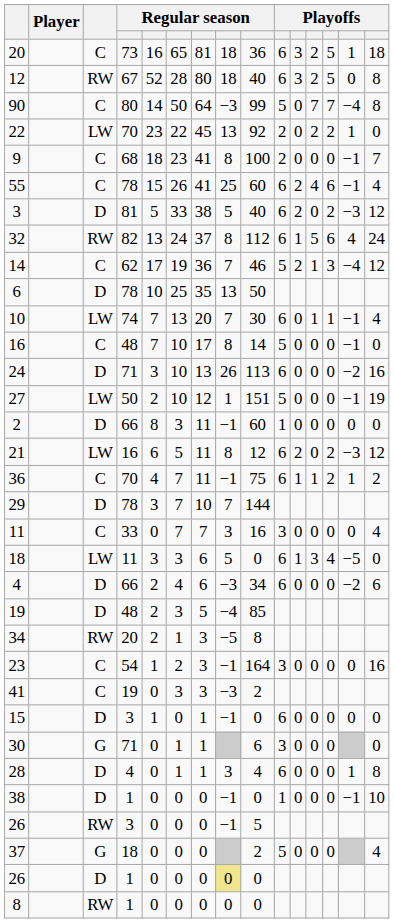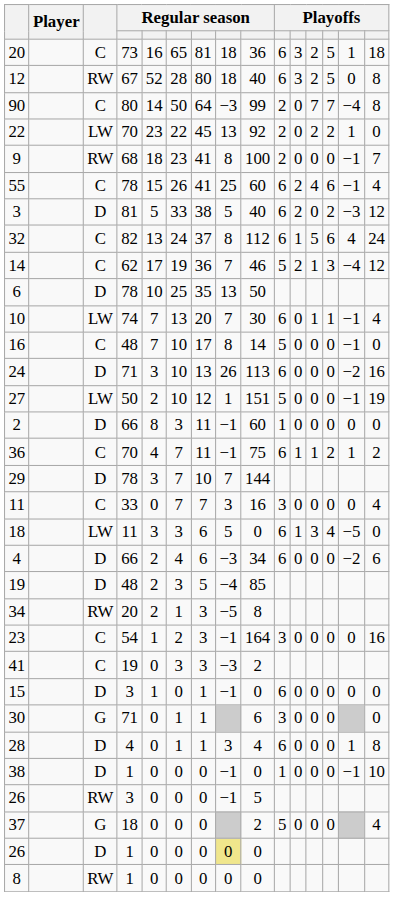 <table class="wikitable sortable plainrowheaders" style="text-align:center;">
 <tr>
 <th scope="col" data-sort-type="number" rowspan="2"></th>
 <th scope="col" rowspan="2">Player</th>
 <th scope="col" rowspan="2"></th>
 <th scope=colgroup colspan=6>Regular season</th>
 <th scope=colgroup colspan=6>Playoffs</th>
 </tr>
 <tr>
 <th scope="col" data-sort-type="number"></th>
 <th scope="col" data-sort-type="number"></th>
 <th scope="col" data-sort-type="number"></th>
 <th scope="col" data-sort-type="number"></th>
 <th scope="col" data-sort-type="number"></th>
 <th scope="col" data-sort-type="number"></th>
 <th scope="col" data-sort-type="number"></th>
 <th scope="col" data-sort-type="number"></th>
 <th scope="col" data-sort-type="number"></th>
 <th scope="col" data-sort-type="number"></th>
 <th scope="col" data-sort-type="number"></th>
 <th scope="col" data-sort-type="number"></th>
 </tr>
 <tr>
 <td scope="row">20</td>
 <td align="left"></td>
 <td>C</td>
 <td>73</td>
 <td>16</td>
 <td>65</td>
 <td>81</td>
 <td>18</td>
 <td>36</td>
 <td>6</td>
 <td>3</td>
 <td>2</td>
 <td>5</td>
 <td>1</td>
 <td>18</td>
 </tr>
 <tr>
 <td scope="row">12</td>
 <td align="left"></td>
 <td>RW</td>
 <td>67</td>
 <td>52</td>
 <td>28</td>
 <td>80</td>
 <td>18</td>
 <td>40</td>
 <td>6</td>
 <td>3</td>
 <td>2</td>
 <td>5</td>
 <td>0</td>
 <td>8</td>
 </tr>
 <tr>
 <td scope="row">90</td>
 <td align="left"></td>
 <td>C</td>
 <td>80</td>
 <td>14</td>
 <td>50</td>
 <td>64</td>
 <td>−3</td>
 <td>99</td>
-<td>5</td>
+<td>2</td>
 <td>0</td>
 <td>7</td>
 <td>7</td>
 <td>−4</td>
 <td>8</td>
 </tr>
 <tr>
 <td scope="row">22</td>
 <td align="left"></td>
 <td>LW</td>
 <td>70</td>
 <td>23</td>
 <td>22</td>
 <td>45</td>
 <td>13</td>
 <td>92</td>
 <td>2</td>
 <td>0</td>
 <td>2</td>
 <td>2</td>
 <td>1</td>
 <td>0</td>
 </tr>
 <tr>
 <td scope="row">9</td>
 <td align="left"></td>
-<td>C</td>
+<td>RW</td>
 <td>68</td>
 <td>18</td>
 <td>23</td>
 <td>41</td>
 <td>8</td>
 <td>100</td>
 <td>2</td>
 <td>0</td>
 <td>0</td>
 <td>0</td>
 <td>−1</td>
 <td>7</td>
 </tr>
 <tr>
 <td scope="row">55</td>
 <td align="left"></td>
 <td>C</td>
 <td>78</td>
 <td>15</td>
 <td>26</td>
 <td>41</td>
 <td>25</td>
 <td>60</td>
 <td>6</td>
 <td>2</td>
 <td>4</td>
 <td>6</td>
 <td>−1</td>
 <td>4</td>
 </tr>
 <tr>
 <td scope="row">3</td>
 <td align="left"></td>
 <td>D</td>
 <td>81</td>
 <td>5</td>
 <td>33</td>
 <td>38</td>
 <td>5</td>
 <td>40</td>
 <td>6</td>
 <td>2</td>
 <td>0</td>
 <td>2</td>
 <td>−3</td>
 <td>12</td>
 </tr>
 <tr>
 <td scope="row">32</td>
 <td align="left"></td>
-<td>RW</td>
+<td>C</td>
 <td>82</td>
 <td>13</td>
 <td>24</td>
 <td>37</td>
 <td>8</td>
 <td>112</td>
 <td>6</td>
 <td>1</td>
 <td>5</td>
 <td>6</td>
 <td>4</td>
 <td>24</td>
 </tr>
 <tr>
 <td scope="row">14</td>
 <td align="left"></td>
 <td>C</td>
 <td>62</td>
 <td>17</td>
 <td>19</td>
 <td>36</td>
 <td>7</td>
 <td>46</td>
 <td>5</td>
 <td>2</td>
 <td>1</td>
 <td>3</td>
 <td>−4</td>
 <td>12</td>
 </tr>
 <tr>
 <td scope="row">6</td>
 <td align="left"></td>
 <td>D</td>
 <td>78</td>
 <td>10</td>
 <td>25</td>
 <td>35</td>
 <td>13</td>
 <td>50</td>
 <td></td>
 <td></td>
 <td></td>
 <td></td>
 <td></td>
 <td></td>
 </tr>
 <tr>
 <td scope="row">10</td>
 <td align="left"></td>
 <td>LW</td>
 <td>74</td>
 <td>7</td>
 <td>13</td>
 <td>20</td>
 <td>7</td>
 <td>30</td>
 <td>6</td>
 <td>0</td>
 <td>1</td>
 <td>1</td>
 <td>−1</td>
 <td>4</td>
 </tr>
 <tr>
 <td scope="row">16</td>
 <td align="left"></td>
 <td>C</td>
 <td>48</td>
 <td>7</td>
 <td>10</td>
 <td>17</td>
 <td>8</td>
 <td>14</td>
 <td>5</td>
 <td>0</td>
 <td>0</td>
 <td>0</td>
 <td>−1</td>
 <td>0</td>
 </tr>
 <tr>
 <td scope="row">24</td>
 <td align="left"></td>
 <td>D</td>
 <td>71</td>
 <td>3</td>
 <td>10</td>
 <td>13</td>
 <td>26</td>
 <td>113</td>
 <td>6</td>
 <td>0</td>
 <td>0</td>
 <td>0</td>
 <td>−2</td>
 <td>16</td>
 </tr>
 <tr>
 <td scope="row">27</td>
 <td align="left"></td>
 <td>LW</td>
 <td>50</td>
 <td>2</td>
 <td>10</td>
 <td>12</td>
 <td>1</td>
 <td>151</td>
 <td>5</td>
 <td>0</td>
 <td>0</td>
 <td>0</td>
 <td>−1</td>
 <td>19</td>
 </tr>
 <tr>
 <td scope="row">2</td>
 <td align="left"></td>
 <td>D</td>
 <td>66</td>
 <td>8</td>
 <td>3</td>
 <td>11</td>
 <td>−1</td>
 <td>60</td>
 <td>1</td>
 <td>0</td>
 <td>0</td>
 <td>0</td>
 <td>0</td>
 <td>0</td>
-</tr>
-<tr>
-<td scope="row">21</td>
-<td align="left"></td>
-<td>LW</td>
-<td>16</td>
-<td>6</td>
-<td>5</td>
-<td>11</td>
-<td>8</td>
-<td>12</td>
-<td>6</td>
-<td>2</td>
-<td>0</td>
-<td>2</td>
-<td>−3</td>
-<td>12</td>
 </tr>
 <tr>
 <td scope="row">36</td>
 <td align="left"></td>
 <td>C</td>
 <td>70</td>
 <td>4</td>
 <td>7</td>
 <td>11</td>
 <td>−1</td>
 <td>75</td>
 <td>6</td>
 <td>1</td>
 <td>1</td>
 <td>2</td>
 <td>1</td>
 <td>2</td>
 </tr>
 <tr>
 <td scope="row">29</td>
 <td align="left"></td>
 <td>D</td>
 <td>78</td>
 <td>3</td>
 <td>7</td>
 <td>10</td>
 <td>7</td>
 <td>144</td>
 <td></td>
 <td></td>
 <td></td>
 <td></td>
 <td></td>
 <td></td>
 </tr>
 <tr>
 <td scope="row">11</td>
 <td align="left"></td>
 <td>C</td>
 <td>33</td>
 <td>0</td>
 <td>7</td>
 <td>7</td>
 <td>3</td>
 <td>16</td>
 <td>3</td>
 <td>0</td>
 <td>0</td>
 <td>0</td>
 <td>0</td>
 <td>4</td>
 </tr>
 <tr>
 <td scope="row">18</td>
 <td align="left"></td>
 <td>LW</td>
 <td>11</td>
 <td>3</td>
 <td>3</td>
 <td>6</td>
 <td>5</td>
 <td>0</td>
 <td>6</td>
 <td>1</td>
 <td>3</td>
 <td>4</td>
 <td>−5</td>
 <td>0</td>
 </tr>
 <tr>
 <td scope="row">4</td>
 <td align="left"></td>
 <td>D</td>
 <td>66</td>
 <td>2</td>
 <td>4</td>
 <td>6</td>
 <td>−3</td>
 <td>34</td>
 <td>6</td>
 <td>0</td>
 <td>0</td>
 <td>0</td>
 <td>−2</td>
 <td>6</td>
 </tr>
 <tr>
 <td scope="row">19</td>
 <td align="left"></td>
 <td>D</td>
 <td>48</td>
 <td>2</td>
 <td>3</td>
 <td>5</td>
 <td>−4</td>
 <td>85</td>
 <td></td>
 <td></td>
 <td></td>
 <td></td>
 <td></td>
 <td></td>
 </tr>
 <tr>
 <td scope="row">34</td>
 <td align="left"></td>
 <td>RW</td>
 <td>20</td>
 <td>2</td>
 <td>1</td>
 <td>3</td>
 <td>−5</td>
 <td>8</td>
 <td></td>
 <td></td>
 <td></td>
 <td></td>
 <td></td>
 <td></td>
 </tr>
 <tr>
 <td scope="row">23</td>
 <td align="left"></td>
 <td>C</td>
 <td>54</td>
 <td>1</td>
 <td>2</td>
 <td>3</td>
 <td>−1</td>
 <td>164</td>
 <td>3</td>
 <td>0</td>
 <td>0</td>
 <td>0</td>
 <td>0</td>
 <td>16</td>
 </tr>
 <tr>
 <td scope="row">41</td>
 <td align="left"></td>
 <td>C</td>
 <td>19</td>
 <td>0</td>
 <td>3</td>
 <td>3</td>
 <td>−3</td>
 <td>2</td>
 <td></td>
 <td></td>
 <td></td>
 <td></td>
 <td></td>
 <td></td>
 </tr>
 <tr>
 <td scope="row">15</td>
 <td align="left"></td>
 <td>D</td>
 <td>3</td>
 <td>1</td>
 <td>0</td>
 <td>1</td>
 <td>−1</td>
 <td>0</td>
 <td>6</td>
 <td>0</td>
 <td>0</td>
 <td>0</td>
 <td>0</td>
 <td>0</td>
 </tr>
 <tr>
 <td scope="row">30</td>
 <td align="left"></td>
 <td>G</td>
 <td>71</td>
 <td>0</td>
 <td>1</td>
 <td>1</td>
 <td style="background:#ccc"></td>
 <td>6</td>
 <td>3</td>
 <td>0</td>
 <td>0</td>
 <td>0</td>
 <td style="background:#ccc"></td>
 <td>0</td>
 </tr>
 <tr>
 <td scope="row">28</td>
 <td align="left"></td>
 <td>D</td>
 <td>4</td>
 <td>0</td>
 <td>1</td>
 <td>1</td>
 <td>3</td>
 <td>4</td>
 <td>6</td>
 <td>0</td>
 <td>0</td>
 <td>0</td>
 <td>1</td>
 <td>8</td>
 </tr>
 <tr>
 <td scope="row">38</td>
 <td align="left"></td>
 <td>D</td>
 <td>1</td>
 <td>0</td>
 <td>0</td>
 <td>0</td>
 <td>−1</td>
 <td>0</td>
 <td>1</td>
 <td>0</td>
 <td>0</td>
 <td>0</td>
 <td>−1</td>
 <td>10</td>
 </tr>
 <tr>
 <td scope="row">26</td>
 <td align="left"></td>
 <td>RW</td>
 <td>3</td>
 <td>0</td>
 <td>0</td>
 <td>0</td>
 <td>−1</td>
 <td>5</td>
 <td></td>
 <td></td>
 <td></td>
 <td></td>
 <td></td>
 <td></td>
 </tr>
 <tr>
 <td scope="row">37</td>
 <td align="left"></td>
 <td>G</td>
 <td>18</td>
 <td>0</td>
 <td>0</td>
 <td>0</td>
 <td style="background:#ccc"></td>
 <td>2</td>
 <td>5</td>
 <td>0</td>
 <td>0</td>
 <td>0</td>
 <td style="background:#ccc"></td>
 <td>4</td>
 </tr>
 <tr>
 <td scope="row">26</td>
 <td align="left"></td>
 <td>D</td>
 <td>1</td>
 <td>0</td>
 <td>0</td>
 <td>0</td>
 <td style="background: khaki;">0</td>
 <td>0</td>
 <td></td>
 <td></td>
 <td></td>
 <td></td>
 <td></td>
 <td></td>
 </tr>
 <tr>
 <td scope="row">8</td>
 <td align="left"></td>
 <td>RW</td>
 <td>1</td>
 <td>0</td>
 <td>0</td>
 <td>0</td>
 <td>0</td>
 <td>0</td>
 <td></td>
 <td></td>
 <td></td>
 <td></td>
 <td></td>
 <td></td>
 </tr>
 </table>
